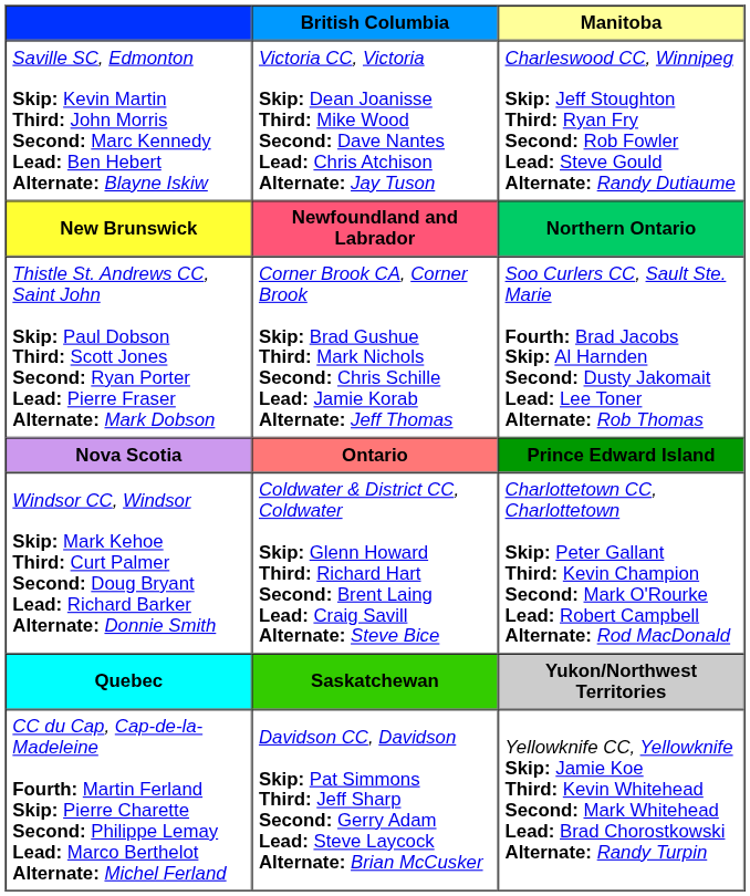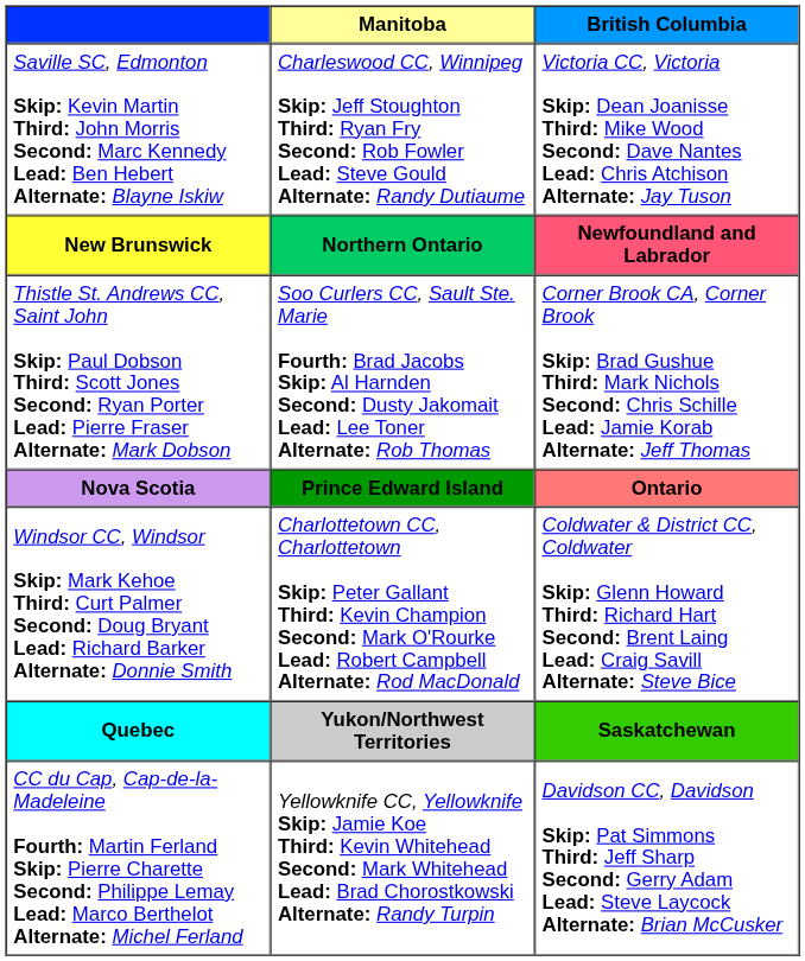 <table border=1 cellpadding=5 cellspacing=0>
 <tr>
 <th style="background:#03f; width:200px;"></th>
+<th style="background:#ff9; width:200px;">Manitoba</th>
 <th style="background:#09f; width:200px;">British Columbia</th>
-<th style="background:#ff9; width:200px;">Manitoba</th>
 </tr>
 <tr align=center>
 <td align=left><em><a href='#'>Saville SC</a>, <a href='#'>Edmonton</a></em> <br><br><strong>Skip:</strong> <a href='#'>Kevin Martin</a> <br> <strong>Third:</strong> <a href='#'>John Morris</a> <br> <strong>Second:</strong> <a href='#'>Marc Kennedy</a> <br> <strong>Lead:</strong> <a href='#'>Ben Hebert</a> <br> <strong>Alternate:</strong> <em><a href='#'>Blayne Iskiw</a></em></td>
+<td align=left><em><a href='#'>Charleswood CC</a>, <a href='#'>Winnipeg</a></em> <br><br><strong>Skip:</strong> <a href='#'>Jeff Stoughton</a> <br> <strong>Third:</strong> <a href='#'>Ryan Fry</a> <br> <strong>Second:</strong> <a href='#'>Rob Fowler</a> <br> <strong>Lead:</strong> <a href='#'>Steve Gould</a> <br> <strong>Alternate:</strong> <em><a href='#'>Randy Dutiaume</a></em></td>
 <td align=left><em><a href='#'>Victoria CC</a>, <a href='#'>Victoria</a></em> <br><br><strong>Skip:</strong> <a href='#'>Dean Joanisse</a> <br> <strong>Third:</strong> <a href='#'>Mike Wood</a> <br> <strong>Second:</strong> <a href='#'>Dave Nantes</a> <br> <strong>Lead:</strong> <a href='#'>Chris Atchison</a>  <br> <strong>Alternate:</strong> <em><a href='#'>Jay Tuson</a></em></td>
-<td align=left><em><a href='#'>Charleswood CC</a>, <a href='#'>Winnipeg</a></em> <br><br><strong>Skip:</strong> <a href='#'>Jeff Stoughton</a> <br> <strong>Third:</strong> <a href='#'>Ryan Fry</a> <br> <strong>Second:</strong> <a href='#'>Rob Fowler</a> <br> <strong>Lead:</strong> <a href='#'>Steve Gould</a> <br> <strong>Alternate:</strong> <em><a href='#'>Randy Dutiaume</a></em></td>
 </tr>
 <tr border=1 cellpadding=5 cellspacing=0>
 <th style="background:#ff3; width:200px;">New Brunswick</th>
+<th style="background:#0c6; width:200px;">Northern Ontario</th>
 <th style="background:#f57; width:200px;">Newfoundland and Labrador</th>
-<th style="background:#0c6; width:200px;">Northern Ontario</th>
 </tr>
 <tr align=center>
 <td align=left><em><a href='#'>Thistle St. Andrews CC</a>, <a href='#'>Saint John</a></em> <br><br><strong>Skip:</strong> <a href='#'>Paul Dobson</a> <br> <strong>Third:</strong> <a href='#'>Scott Jones</a> <br> <strong>Second:</strong> <a href='#'>Ryan Porter</a> <br> <strong>Lead:</strong> <a href='#'>Pierre Fraser</a> <br> <strong>Alternate:</strong> <em><a href='#'>Mark Dobson</a></em></td>
+<td align=left><em><a href='#'>Soo Curlers CC</a>, <a href='#'>Sault Ste. Marie</a></em> <br><br><strong>Fourth:</strong> <a href='#'>Brad Jacobs</a> <br> <strong>Skip:</strong> <a href='#'>Al Harnden</a> <br> <strong>Second:</strong> <a href='#'>Dusty Jakomait</a> <br> <strong>Lead:</strong> <a href='#'>Lee Toner</a> <br> <strong>Alternate:</strong> <em><a href='#'>Rob Thomas</a></em></td>
 <td align=left><em><a href='#'>Corner Brook CA</a>, <a href='#'>Corner Brook</a></em> <br><br><strong>Skip:</strong> <a href='#'>Brad Gushue</a> <br> <strong>Third:</strong> <a href='#'>Mark Nichols</a> <br> <strong>Second:</strong> <a href='#'>Chris Schille</a> <br> <strong>Lead:</strong> <a href='#'>Jamie Korab</a> <br> <strong>Alternate:</strong> <em><a href='#'>Jeff Thomas</a></em></td>
-<td align=left><em><a href='#'>Soo Curlers CC</a>, <a href='#'>Sault Ste. Marie</a></em> <br><br><strong>Fourth:</strong> <a href='#'>Brad Jacobs</a> <br> <strong>Skip:</strong> <a href='#'>Al Harnden</a> <br> <strong>Second:</strong> <a href='#'>Dusty Jakomait</a> <br> <strong>Lead:</strong> <a href='#'>Lee Toner</a> <br> <strong>Alternate:</strong> <em><a href='#'>Rob Thomas</a></em></td>
 </tr>
 <tr border=1 cellpadding=5 cellspacing=0>
 <th style="background:#c9e; width:200px;">Nova Scotia</th>
+<th style="background:#090; width:200px;">Prince Edward Island</th>
 <th style="background:#f77; width:200px;">Ontario</th>
-<th style="background:#090; width:200px;">Prince Edward Island</th>
 </tr>
 <tr align=center>
 <td align=left><em><a href='#'>Windsor CC</a>, <a href='#'>Windsor</a></em> <br><br><strong>Skip:</strong> <a href='#'>Mark Kehoe</a> <br> <strong>Third:</strong> <a href='#'>Curt Palmer</a> <br> <strong>Second:</strong> <a href='#'>Doug Bryant</a> <br> <strong>Lead:</strong> <a href='#'>Richard Barker</a> <br> <strong>Alternate:</strong> <em><a href='#'>Donnie Smith</a></em></td>
+<td align=left><em><a href='#'>Charlottetown CC</a>, <a href='#'>Charlottetown</a></em> <br><br><strong>Skip:</strong> <a href='#'>Peter Gallant</a> <br> <strong>Third:</strong> <a href='#'>Kevin Champion</a> <br> <strong>Second:</strong> <a href='#'>Mark O'Rourke</a> <br> <strong>Lead:</strong> <a href='#'>Robert Campbell</a> <br> <strong>Alternate:</strong> <em><a href='#'>Rod MacDonald</a> </em></td>
 <td align=left><em><a href='#'>Coldwater & District CC</a>, <a href='#'>Coldwater</a></em> <br><br><strong>Skip:</strong> <a href='#'>Glenn Howard</a> <br> <strong>Third:</strong> <a href='#'>Richard Hart</a> <br> <strong>Second:</strong> <a href='#'>Brent Laing</a> <br> <strong>Lead:</strong> <a href='#'>Craig Savill</a> <br> <strong>Alternate:</strong> <em><a href='#'>Steve Bice</a></em></td>
-<td align=left><em><a href='#'>Charlottetown CC</a>, <a href='#'>Charlottetown</a></em> <br><br><strong>Skip:</strong> <a href='#'>Peter Gallant</a> <br> <strong>Third:</strong> <a href='#'>Kevin Champion</a> <br> <strong>Second:</strong> <a href='#'>Mark O'Rourke</a> <br> <strong>Lead:</strong> <a href='#'>Robert Campbell</a> <br> <strong>Alternate:</strong> <em><a href='#'>Rod MacDonald</a> </em></td>
 </tr>
 <tr border=1 cellpadding=5 cellspacing=0>
 <th style="background:#0ff; width:200px;">Quebec</th>
+<th style="background:#ccc; width:200px;">Yukon/Northwest Territories</th>
 <th style="background:#3c0; width:200px;">Saskatchewan</th>
-<th style="background:#ccc; width:200px;">Yukon/Northwest Territories</th>
 </tr>
 <tr align=center>
 <td align=left><em><a href='#'>CC du Cap</a>, <a href='#'>Cap-de-la-Madeleine</a>  </em> <br><br><strong>Fourth:</strong> <a href='#'>Martin Ferland</a> <br> <strong>Skip:</strong> <a href='#'>Pierre Charette</a> <br> <strong>Second:</strong> <a href='#'>Philippe Lemay</a> <br> <strong>Lead:</strong> <a href='#'>Marco Berthelot</a> <br> <strong>Alternate:</strong> <em><a href='#'>Michel Ferland</a></em></td>
+<td align=left><em>Yellowknife CC, <a href='#'>Yellowknife</a></em><br><strong>Skip:</strong> <a href='#'>Jamie Koe</a> <br> <strong>Third:</strong> <a href='#'>Kevin Whitehead</a> <br> <strong>Second:</strong> <a href='#'>Mark Whitehead</a> <br> <strong>Lead:</strong> <a href='#'>Brad Chorostkowski</a> <br> <strong>Alternate:</strong> <em><a href='#'>Randy Turpin</a></em></td>
 <td align=left><em><a href='#'>Davidson CC</a>, <a href='#'>Davidson</a></em> <br><br><strong>Skip:</strong> <a href='#'>Pat Simmons</a> <br> <strong>Third:</strong> <a href='#'>Jeff Sharp</a> <br> <strong>Second:</strong> <a href='#'>Gerry Adam</a> <br> <strong>Lead:</strong> <a href='#'>Steve Laycock</a> <br> <strong>Alternate:</strong> <em><a href='#'>Brian McCusker</a></em></td>
-<td align=left><em>Yellowknife CC, <a href='#'>Yellowknife</a></em><br><strong>Skip:</strong> <a href='#'>Jamie Koe</a> <br> <strong>Third:</strong> <a href='#'>Kevin Whitehead</a> <br> <strong>Second:</strong> <a href='#'>Mark Whitehead</a> <br> <strong>Lead:</strong> <a href='#'>Brad Chorostkowski</a> <br> <strong>Alternate:</strong> <em><a href='#'>Randy Turpin</a></em></td>
 </tr>
 </table>
